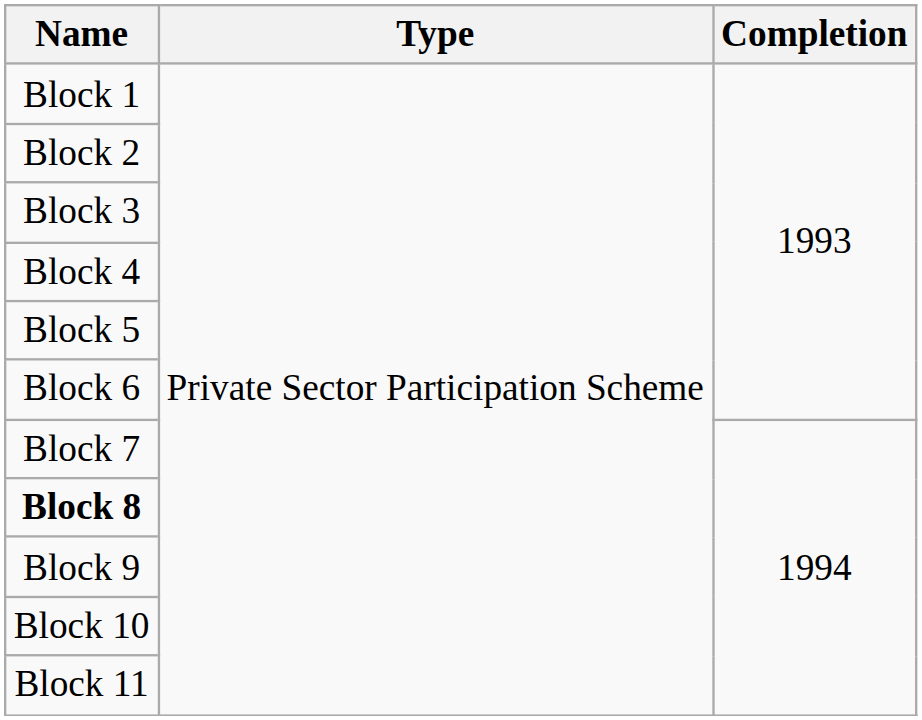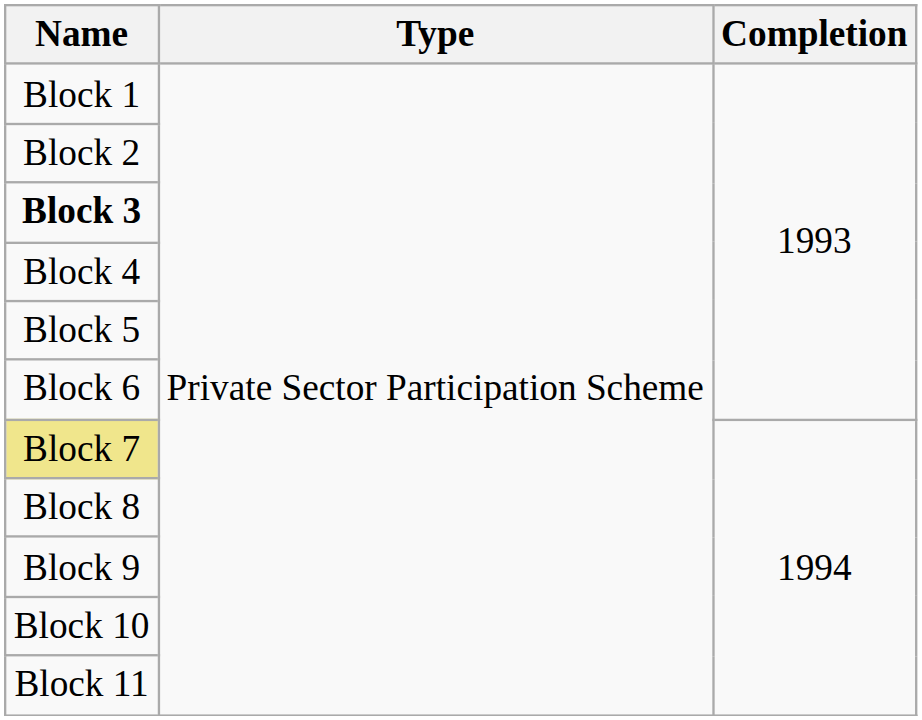 <table class="wikitable" style="text-align: center">
 <tr>
 <th>Name</th>
 <th>Type</th>
 <th>Completion</th>
 </tr>
 <tr>
 <td>Block 1</td>
 <td rowspan="11">Private Sector Participation Scheme</td>
 <td rowspan="6">1993</td>
 </tr>
 <tr>
 <td>Block 2</td>
 </tr>
 <tr>
-<td>Block 3</td>
+<td><strong>Block 3</strong></td>
 </tr>
 <tr>
 <td>Block 4</td>
 </tr>
 <tr>
 <td>Block 5</td>
 </tr>
 <tr>
 <td>Block 6</td>
 </tr>
 <tr>
-<td>Block 7</td>
+<td style="background: khaki;">Block 7</td>
 <td rowspan="5">1994</td>
 </tr>
 <tr>
-<td><strong>Block 8</strong></td>
+<td>Block 8</td>
 </tr>
 <tr>
 <td>Block 9</td>
 </tr>
 <tr>
 <td>Block 10</td>
 </tr>
 <tr>
 <td>Block 11</td>
 </tr>
 <tr>
 </tr>
 </table>
